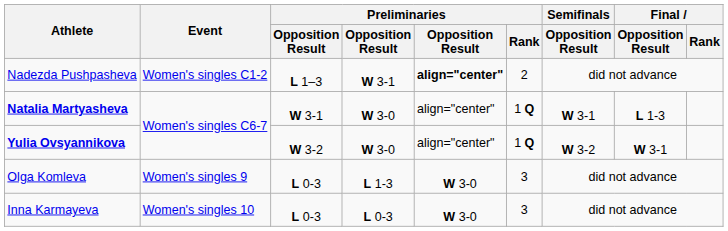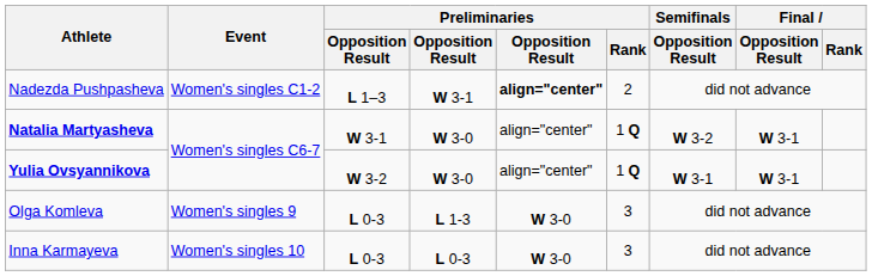 <table class=wikitable style="font-size:90%">
 <tr>
 <th rowspan="2">Athlete</th>
 <th rowspan="2">Event</th>
 <th colspan="4">Preliminaries</th>
 <th>Semifinals</th>
 <th colspan="2">Final / </th>
 </tr>
 <tr>
 <th>Opposition<br>Result</th>
 <th>Opposition<br>Result</th>
 <th>Opposition<br>Result</th>
 <th>Rank</th>
 <th>Opposition<br>Result</th>
 <th>Opposition<br>Result</th>
 <th>Rank</th>
 </tr>
 <tr>
 <td><a href='#'>Nadezda Pushpasheva</a></td>
 <td><a href='#'>Women's singles C1-2</a></td>
 <td align="center"><br><strong>L</strong> 1–3</td>
 <td align="center"><br><strong>W</strong> 3-1</td>
 <td><strong>align="center" </strong></td>
 <td align="center">2</td>
 <td align="center" colspan="3">did not advance</td>
 </tr>
 <tr>
 <td><strong><a href='#'>Natalia Martyasheva</a></strong></td>
 <td rowspan="2"><a href='#'>Women's singles C6-7</a></td>
 <td align="center"><br><strong>W</strong> 3-1</td>
 <td align="center"><br><strong>W</strong> 3-0</td>
 <td>align="center" </td>
 <td align="center">1 <strong>Q</strong></td>
+<td align="center"><br><strong>W</strong> 3-2</td>
 <td align="center"><br><strong>W</strong> 3-1</td>
-<td align="center"><br><strong>L</strong> 1-3</td>
 <td align="center"></td>
 </tr>
 <tr>
 <td><strong><a href='#'>Yulia Ovsyannikova</a></strong></td>
 <td align="center"><br><strong>W</strong> 3-2</td>
 <td align="center"><br><strong>W</strong> 3-0</td>
 <td>align="center" </td>
 <td align="center">1 <strong>Q</strong></td>
-<td align="center"><br><strong>W</strong> 3-2</td>
+<td align="center"><br><strong>W</strong> 3-1</td>
 <td align="center"><br><strong>W</strong> 3-1</td>
 <td align="center"></td>
 </tr>
 <tr>
 <td><a href='#'>Olga Komleva</a></td>
 <td><a href='#'>Women's singles 9</a></td>
 <td align="center"><br><strong>L</strong> 0-3</td>
 <td align="center"><br><strong>L</strong> 1-3</td>
 <td align="center"><br><strong>W</strong> 3-0</td>
 <td align="center">3</td>
 <td align="center" colspan="3">did not advance</td>
 </tr>
 <tr>
 <td><a href='#'>Inna Karmayeva</a></td>
 <td><a href='#'>Women's singles 10</a></td>
 <td align="center"><br><strong>L</strong> 0-3</td>
 <td align="center"><br><strong>L</strong> 0-3</td>
 <td align="center"><br><strong>W</strong> 3-0</td>
 <td align="center">3</td>
 <td align="center" colspan="3">did not advance</td>
 </tr>
 </table>
